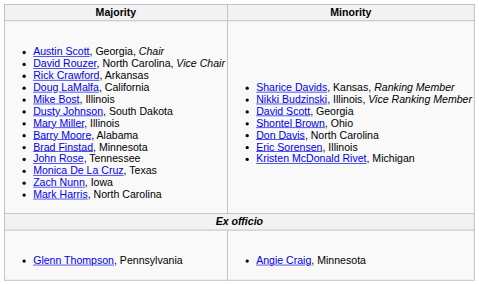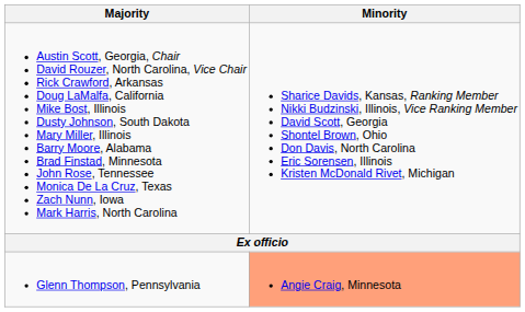 <table class=wikitable>
 <tr>
 <th>Majority</th>
 <th>Minority</th>
 </tr>
 <tr>
 <td><br><ul><li><a href='#'>Austin Scott</a>, Georgia, <em>Chair</em></li><li><a href='#'>David Rouzer</a>, North Carolina, <em>Vice Chair</em></li><li><a href='#'>Rick Crawford</a>, Arkansas</li><li><a href='#'>Doug LaMalfa</a>, California</li><li><a href='#'>Mike Bost</a>, Illinois</li><li><a href='#'>Dusty Johnson</a>, South Dakota</li><li><a href='#'>Mary Miller</a>, Illinois</li><li><a href='#'>Barry Moore</a>, Alabama</li><li><a href='#'>Brad Finstad</a>, Minnesota</li><li><a href='#'>John Rose</a>, Tennessee</li><li><a href='#'>Monica De La Cruz</a>, Texas</li><li><a href='#'>Zach Nunn</a>, Iowa</li><li><a href='#'>Mark Harris</a>, North Carolina</li></ul></td>
 <td><br><ul><li><a href='#'>Sharice Davids</a>, Kansas, <em>Ranking Member</em></li><li><a href='#'>Nikki Budzinski</a>, Illinois, <em>Vice Ranking Member</em></li><li><a href='#'>David Scott</a>, Georgia</li><li><a href='#'>Shontel Brown</a>, Ohio</li><li><a href='#'>Don Davis</a>, North Carolina</li><li><a href='#'>Eric Sorensen</a>, Illinois</li><li><a href='#'>Kristen McDonald Rivet</a>, Michigan</li></ul></td>
 </tr>
 <tr>
 <th colspan=2><em>Ex officio</em></th>
 </tr>
 <tr>
 <td><br><ul><li><a href='#'>Glenn Thompson</a>, Pennsylvania</li></ul></td>
-<td><br><ul><li><a href='#'>Angie Craig</a>, Minnesota</li></ul></td>
+<td style="background: lightsalmon;"><br><ul><li><a href='#'>Angie Craig</a>, Minnesota</li></ul></td>
 </tr>
 </table>
